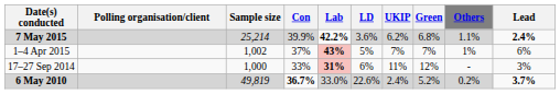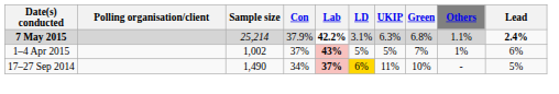 <table class="wikitable sortable" style="text-align:center;font-size:90%;line-height:14px">
 <tr>
 <th ! style="width:95px;">Date(s)<br>conducted</th>
 <th style="width:200px;">Polling organisation/client</th>
 <th class="unsortable" style="width:75px;">Sample size</th>
 <th class="unsortable" style="background:"><a href='#'><span>Con</span></a></th>
 <th class="unsortable" style="background:"><a href='#'><span>Lab</span></a></th>
 <th class="unsortable" style="background:"><a href='#'><span>LD</span></a></th>
 <th class="unsortable" style="background:"><a href='#'><span>UKIP</span></a></th>
 <th class="unsortable" style="background:"><a href='#'><span>Green</span></a></th>
 <th class="unsortable" style="background:gray; width:60px;"><a href='#'><span>Others</span></a></th>
 <th class="unsortable" style="width:80px;">Lead</th>
 </tr>
 <tr>
 <td style="background:#D5D5D5"><strong>7 May 2015</strong></td>
 <td style="background:#D5D5D5"></td>
 <td style="background:#D5D5D5"><em>25,214</em></td>
-<td style="background:#D5D5D5">39.9%</td>
+<td style="background:#D5D5D5">37.9%</td>
 <td style="background:"><strong>42.2%</strong></td>
-<td style="background:#D5D5D5">3.6%</td>
-<td style="background:#D5D5D5">6.2%</td>
+<td style="background:#D5D5D5">3.1%</td>
+<td style="background:#D5D5D5">6.3%</td>
 <td style="background:#D5D5D5">6.8%</td>
 <td style="background:#D5D5D5">1.1%</td>
 <td style="background:"><strong>2.4% </strong></td>
 </tr>
 <tr>
 <td>1–4 Apr 2015</td>
 <td> </td>
 <td>1,002</td>
 <td>37%</td>
 <td style="background:#F8C1BE"><strong>43%</strong></td>
 <td>5%</td>
-<td>7%</td>
+<td>5%</td>
 <td>7%</td>
 <td>1%</td>
 <td style="background:">6%</td>
 </tr>
 <tr>
 <td>17–27 Sep 2014</td>
 <td> </td>
-<td>1,000</td>
-<td>33%</td>
-<td style="background:#F8C1BE"><strong>31%</strong></td>
-<td>6%</td>
+<td>1,490</td>
+<td>34%</td>
+<td style="background:#F8C1BE"><strong>37%</strong></td>
+<td style="background: gold;">6%</td>
 <td>11%</td>
-<td>12%</td>
+<td>10%</td>
 <td>-</td>
-<td style="background:">3%</td>
-</tr>
-<tr>
-<td style="background:#D5D5D5"><strong>6 May 2010</strong></td>
-<td style="background:#D5D5D5"></td>
-<td style="background:#D5D5D5"><em>49,819</em></td>
-<td style="background:"><strong>36.7%</strong></td>
-<td style="background:#D5D5D5">33.0%</td>
-<td style="background:#D5D5D5">22.6%</td>
-<td style="background:#D5D5D5">2.4%</td>
-<td style="background:#D5D5D5">5.2%</td>
-<td style="background:#D5D5D5">0.2%</td>
-<td style="background:"><strong>3.7% </strong></td>
+<td style="background:">5%</td>
 </tr>
 </table>
